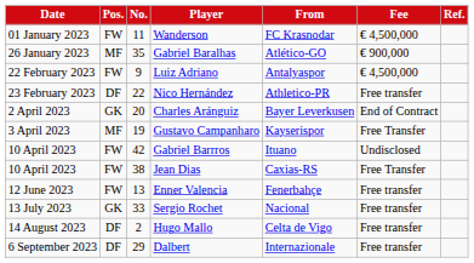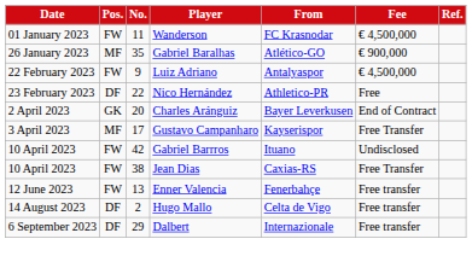 <table class="wikitable plainrowheaders sortable">
 <tr>
 <th style="background:#D10A11; color:#ffffff; ">Date</th>
 <th style="background:#D10A11; color:#ffffff; ">Pos.</th>
 <th style="background:#D10A11; color:#ffffff; ">No.</th>
 <th style="background:#D10A11; color:#ffffff; ">Player</th>
 <th style="background:#D10A11; color:#ffffff; ">From</th>
 <th style="background:#D10A11; color:#ffffff; ">Fee</th>
 <th style="background:#D10A11; color:#ffffff; ">Ref.</th>
 </tr>
 <tr>
 <td>01 January 2023</td>
 <td style="text-align:center;">FW</td>
 <td style="text-align:center;">11</td>
 <td style="text-align:left;"> <a href='#'>Wanderson</a></td>
 <td style="text-align:left;"> <a href='#'>FC Krasnodar</a></td>
 <td>€ 4,500,000</td>
 <td></td>
 </tr>
 <tr>
 <td>26 January 2023</td>
 <td style="text-align:center;">MF</td>
 <td style="text-align:center;">35</td>
 <td style="text-align:left;"> <a href='#'>Gabriel Baralhas</a></td>
 <td style="text-aglin:left;"> <a href='#'>Atlético-GO</a></td>
 <td>€ 900,000</td>
 <td></td>
 </tr>
 <tr>
 <td>22 February 2023</td>
 <td style="text-align:center;">FW</td>
 <td style="text-align:center;">9</td>
 <td> <a href='#'>Luiz Adriano</a></td>
 <td> <a href='#'>Antalyaspor</a></td>
 <td>€ 4,500,000</td>
 <td></td>
 </tr>
 <tr>
 <td>23 February 2023</td>
 <td style="text-align:center;">DF</td>
 <td style="text-align:center;">22</td>
 <td> <a href='#'>Nico Hernández</a></td>
 <td> <a href='#'>Athletico-PR</a></td>
-<td>Free transfer</td>
+<td>Free</td>
 <td></td>
 </tr>
 <tr>
 <td>2 April 2023</td>
 <td style="text-align:center;">GK</td>
 <td style="text-align:center;">20</td>
 <td> <a href='#'>Charles Aránguiz</a></td>
 <td> <a href='#'>Bayer Leverkusen</a></td>
 <td>End of Contract</td>
 <td></td>
 </tr>
 <tr>
 <td>3 April 2023</td>
 <td style="text-align:center;">MF</td>
-<td style="text-align:center;">19</td>
+<td style="text-align:center;">17</td>
 <td> <a href='#'>Gustavo Campanharo</a></td>
 <td> <a href='#'>Kayserispor</a></td>
 <td>Free Transfer</td>
 <td></td>
 </tr>
 <tr>
 <td>10 April 2023</td>
 <td style="text-align:center;">FW</td>
 <td style="text-align:center;">42</td>
 <td> <a href='#'>Gabriel Barrros</a></td>
 <td> <a href='#'>Ituano</a></td>
 <td>Undisclosed</td>
 <td></td>
 </tr>
 <tr>
 <td>10 April 2023</td>
 <td style="text-align:center;">FW</td>
 <td style="text-align:center;">38</td>
 <td> <a href='#'>Jean Dias</a></td>
 <td> <a href='#'>Caxias-RS</a></td>
 <td>Free Transfer</td>
 <td></td>
 </tr>
 <tr>
 <td>12 June 2023</td>
 <td style="text-align:center;">FW</td>
 <td style="text-align:center;">13</td>
 <td> <a href='#'>Enner Valencia</a></td>
 <td> <a href='#'>Fenerbahçe</a></td>
 <td>Free transfer</td>
 <td></td>
 </tr>
 <tr>
-<td>13 July 2023</td>
-<td style="text-align:center;">GK</td>
-<td style="text-align:center;">33</td>
-<td> <a href='#'>Sergio Rochet</a></td>
-<td> <a href='#'>Nacional</a></td>
-<td>Free transfer</td>
-<td></td>
-</tr>
-<tr>
 <td>14 August 2023</td>
 <td style="text-align:center;">DF</td>
 <td style="text-align:center;">2</td>
 <td> <a href='#'>Hugo Mallo</a></td>
 <td> <a href='#'>Celta de Vigo</a></td>
 <td>Free transfer</td>
 <td></td>
 </tr>
 <tr>
 <td>6 September 2023</td>
 <td style="text-align:center;">DF</td>
 <td style="text-align:center;">29</td>
 <td> <a href='#'>Dalbert</a></td>
 <td> <a href='#'>Internazionale</a></td>
 <td>Free transfer</td>
 <td></td>
 </tr>
 </table>
